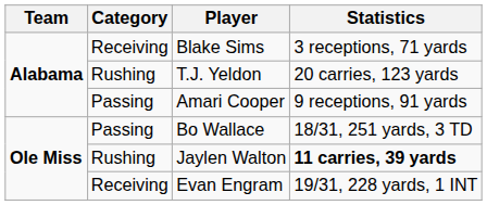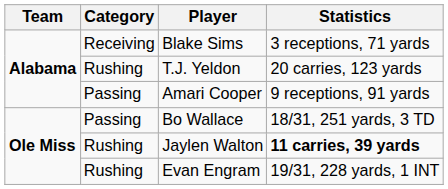 <table class="wikitable" style="float: right;">
 <tr>
 <th>Team</th>
 <th>Category</th>
 <th>Player</th>
 <th>Statistics</th>
 </tr>
 <tr>
 <td rowspan=3><strong>Alabama</strong></td>
 <td>Receiving</td>
 <td>Blake Sims</td>
 <td>3 receptions, 71 yards</td>
 </tr>
 <tr>
 <td>Rushing</td>
 <td>T.J. Yeldon</td>
 <td>20 carries, 123 yards</td>
 </tr>
 <tr>
 <td>Passing</td>
 <td>Amari Cooper</td>
 <td>9 receptions, 91 yards</td>
 </tr>
 <tr>
 <td rowspan=3><strong>Ole Miss</strong></td>
 <td>Passing</td>
 <td>Bo Wallace</td>
 <td>18/31, 251 yards, 3 TD</td>
 </tr>
 <tr>
 <td>Rushing</td>
 <td>Jaylen Walton</td>
 <td><strong>11 carries, 39 yards</strong></td>
 </tr>
 <tr>
-<td>Receiving</td>
+<td>Rushing</td>
 <td>Evan Engram</td>
 <td>19/31, 228 yards, 1 INT</td>
 </tr>
 </table>
